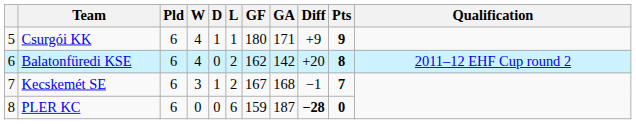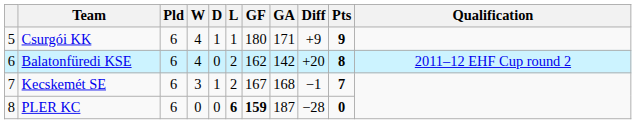 <table class="wikitable sortable" style="text-align:center">
 <tr>
 <th></th>
 <th width="150">Team</th>
 <th>Pld</th>
 <th>W</th>
 <th>D</th>
 <th>L</th>
 <th>GF</th>
 <th>GA</th>
 <th>Diff</th>
 <th>Pts</th>
 <th width="300">Qualification</th>
 </tr>
 <tr>
 <td>5</td>
 <td align=left><a href='#'>Csurgói KK</a></td>
 <td>6</td>
 <td>4</td>
 <td>1</td>
 <td>1</td>
 <td>180</td>
 <td>171</td>
 <td>+9</td>
 <td><strong>9</strong></td>
 </tr>
 <tr style="background: #CCF3FF;">
 <td>6</td>
 <td align=left><a href='#'>Balatonfüredi KSE</a></td>
 <td>6</td>
 <td>4</td>
 <td>0</td>
 <td>2</td>
 <td>162</td>
 <td>142</td>
 <td>+20</td>
 <td><strong>8</strong></td>
 <td><a href='#'>2011–12 EHF Cup round 2</a></td>
 </tr>
 <tr>
 <td>7</td>
 <td align=left><a href='#'>Kecskemét SE</a></td>
 <td>6</td>
 <td>3</td>
 <td>1</td>
 <td>2</td>
 <td>167</td>
 <td>168</td>
 <td>−1</td>
 <td><strong>7</strong></td>
 </tr>
 <tr>
 <td>8</td>
 <td align=left><a href='#'>PLER KC</a></td>
 <td>6</td>
 <td>0</td>
 <td>0</td>
-<td>6</td>
-<td>159</td>
+<td><strong>6</strong></td>
+<td><strong>159</strong></td>
 <td>187</td>
-<td><strong>−28</strong></td>
+<td>−28</td>
 <td><strong>0</strong></td>
 </tr>
 </table>
